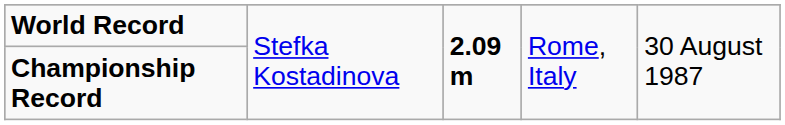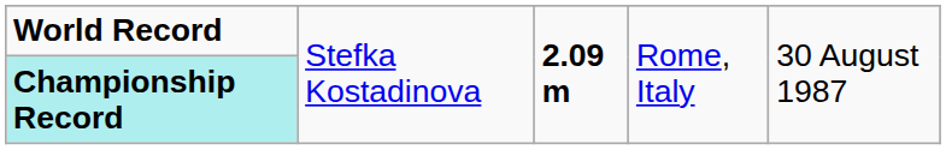 <table class="wikitable" width=75%>
 <tr>
 <td><strong>World Record</strong></td>
 <td rowspan="2"> <a href='#'>Stefka Kostadinova</a></td>
 <td rowspan="2"><strong>2.09 m</strong></td>
 <td rowspan="2"><a href='#'>Rome</a>, <a href='#'>Italy</a></td>
 <td rowspan="2">30 August 1987</td>
 </tr>
 <tr>
-<td><strong>Championship Record</strong></td>
+<td style="background: paleturquoise;"><strong>Championship Record</strong></td>
 </tr>
 </table>
